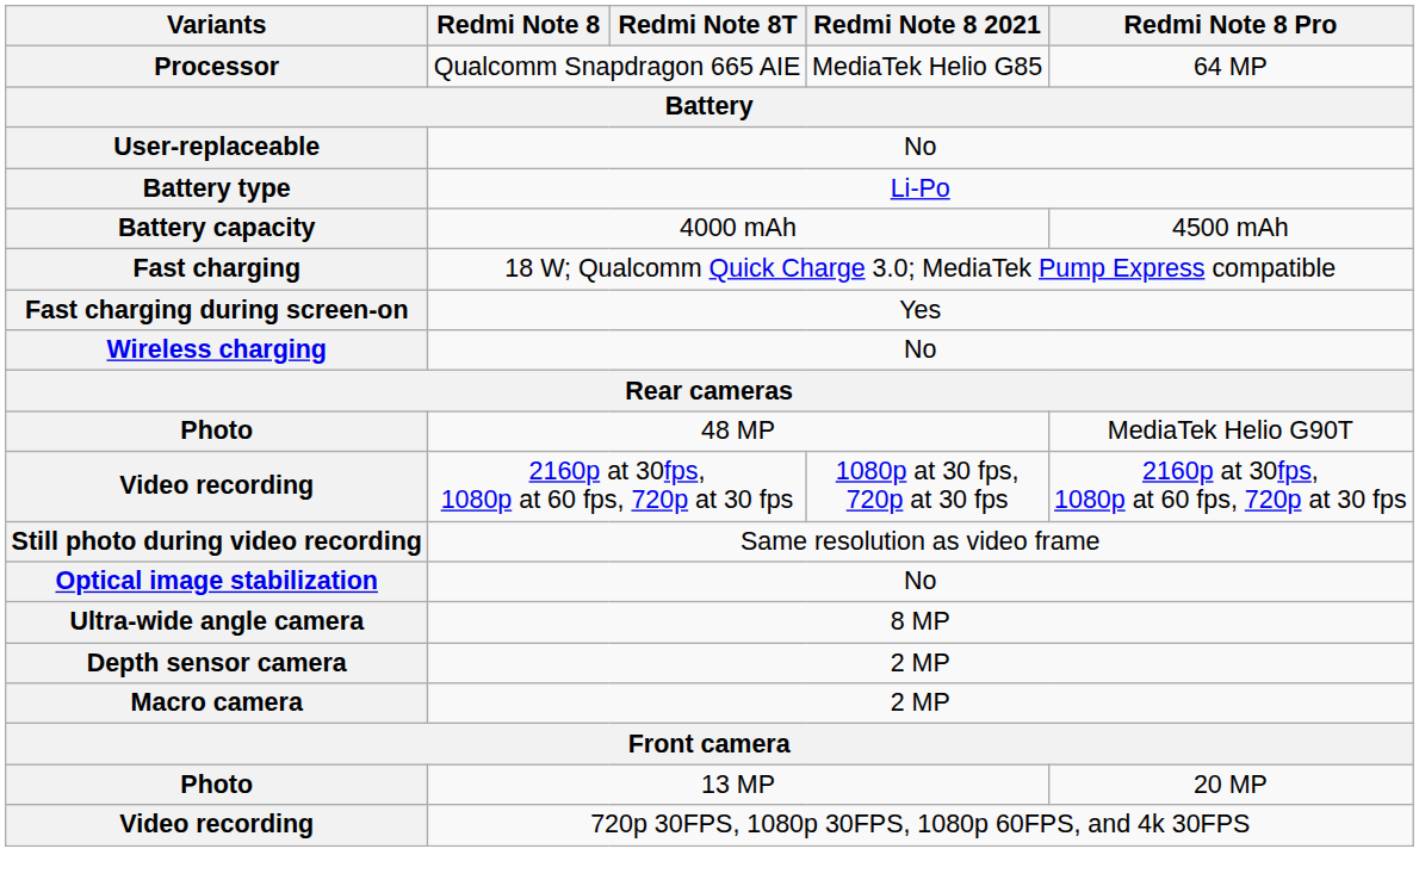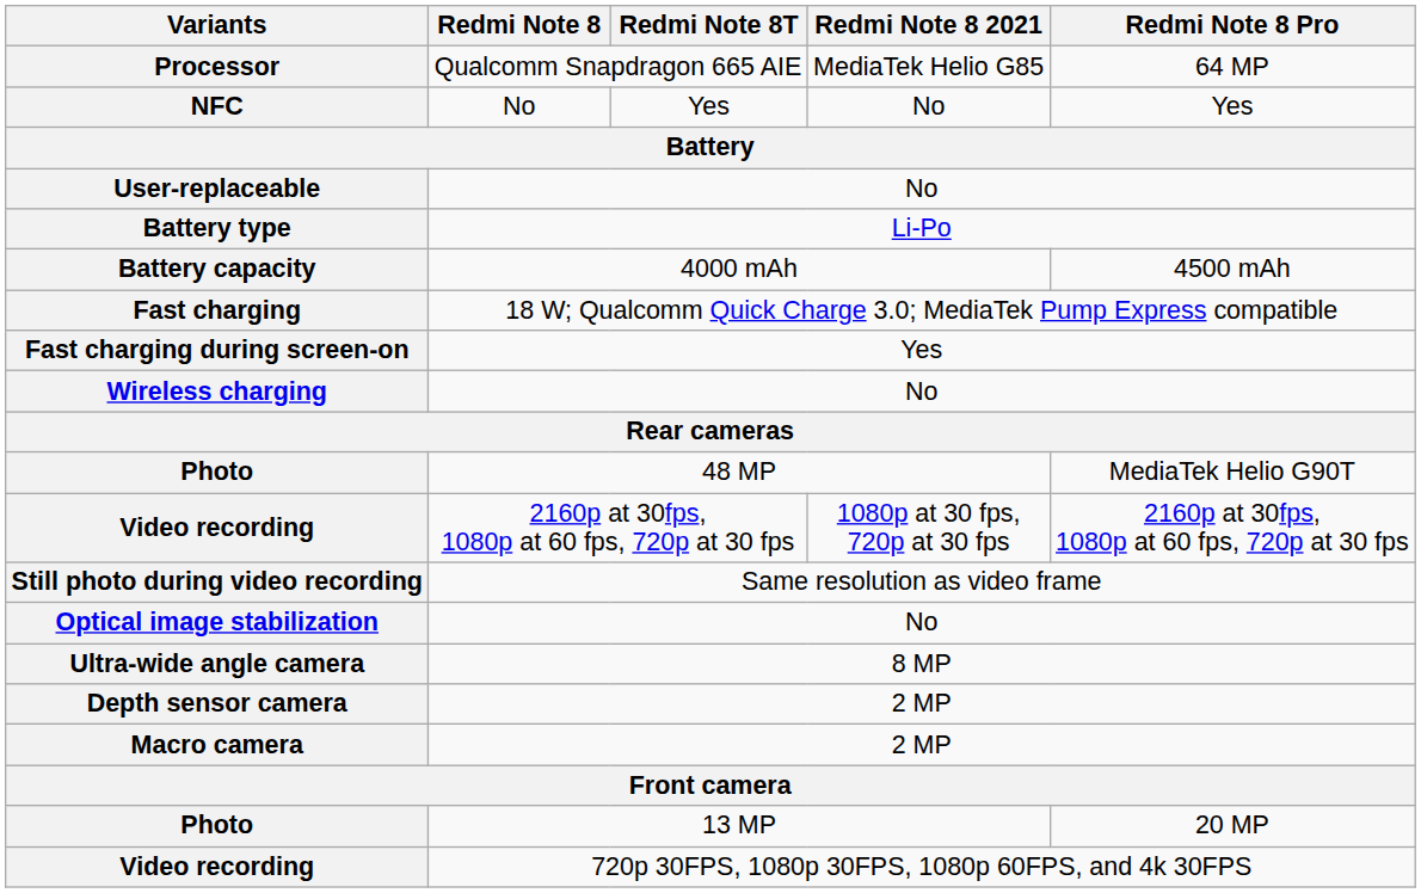 <table class="wikitable" style="text-align:center;">
 <tr>
 <th>Variants</th>
 <th>Redmi Note 8</th>
 <th>Redmi Note 8T</th>
 <th>Redmi Note 8 2021</th>
 <th>Redmi Note 8 Pro</th>
 </tr>
 <tr>
 <th>Processor</th>
 <td colspan=2>Qualcomm Snapdragon 665 AIE</td>
 <td>MediaTek Helio G85</td>
 <td>64 MP</td>
+</tr>
+<tr>
+<th>NFC</th>
+<td>No</td>
+<td>Yes</td>
+<td>No</td>
+<td>Yes</td>
 </tr>
 <tr>
 <th colspan="5">Battery</th>
 </tr>
 <tr>
 <th>User-replaceable</th>
 <td colspan="4">No</td>
 </tr>
 <tr>
 <th>Battery type</th>
 <td colspan="4"><a href='#'>Li-Po</a></td>
 </tr>
 <tr>
 <th>Battery capacity</th>
 <td colspan="3">4000 mAh</td>
 <td>4500 mAh</td>
 </tr>
 <tr>
 <th>Fast charging</th>
 <td colspan="4">18 W; Qualcomm <a href='#'>Quick Charge</a> 3.0; MediaTek <a href='#'>Pump Express</a> compatible</td>
 </tr>
 <tr>
 <th>Fast charging during screen-on</th>
 <td colspan="4">Yes</td>
 </tr>
 <tr>
 <th><a href='#'>Wireless charging</a></th>
 <td colspan="4">No</td>
 </tr>
 <tr>
 <th colspan="5">Rear cameras</th>
 </tr>
 <tr>
 <th>Photo</th>
 <td colspan="3">48 MP</td>
 <td>MediaTek Helio G90T</td>
 </tr>
 <tr>
 <th>Video recording</th>
 <td colspan="2"><a href='#'>2160p</a> at 30<a href='#'>fps</a>,<br><a href='#'>1080p</a> at 60 fps, <a href='#'>720p</a> at 30 fps</td>
 <td><a href='#'>1080p</a> at 30 fps,<br><a href='#'>720p</a> at 30 fps</td>
 <td><a href='#'>2160p</a> at 30<a href='#'>fps</a>,<br><a href='#'>1080p</a> at 60 fps, <a href='#'>720p</a> at 30 fps</td>
 </tr>
 <tr>
 <th>Still photo during video recording</th>
 <td colspan="4">Same resolution as video frame</td>
 </tr>
 <tr>
 <th><a href='#'>Optical image stabilization</a></th>
 <td colspan="4">No</td>
 </tr>
 <tr>
 <th>Ultra-wide angle camera</th>
 <td colspan="4">8 MP</td>
 </tr>
 <tr>
 <th>Depth sensor camera</th>
 <td colspan="4">2 MP</td>
 </tr>
 <tr>
 <th>Macro camera</th>
 <td colspan="4">2 MP</td>
 </tr>
 <tr>
 <th colspan="5">Front camera</th>
 </tr>
 <tr>
 <th>Photo</th>
 <td colspan="3">13 MP</td>
 <td>20 MP</td>
 </tr>
 <tr>
 <th>Video recording</th>
 <td colspan="4">720p 30FPS, 1080p 30FPS, 1080p 60FPS, and 4k 30FPS</td>
 </tr>
 </table>
